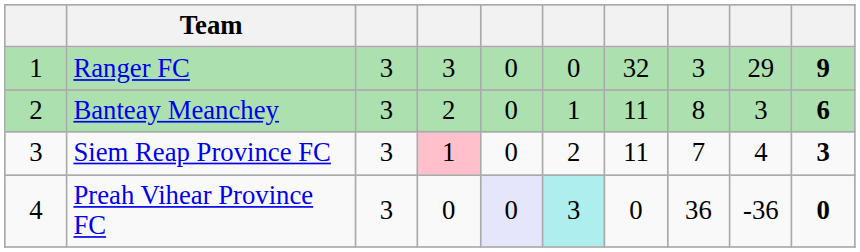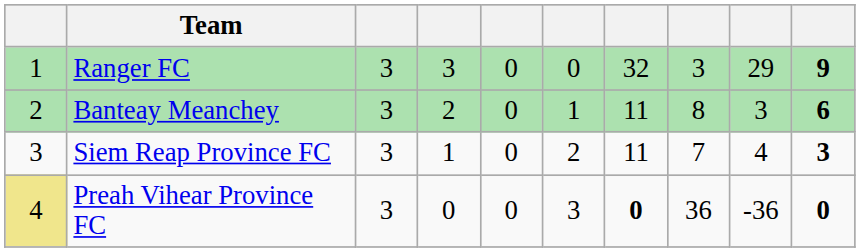 <table class="wikitable" style="text-align: center;">
 <tr>
 <th width=30></th>
 <th width=165>Team</th>
 <th width=30></th>
 <th width=30></th>
 <th width=30></th>
 <th width=30></th>
 <th width=30></th>
 <th width=30></th>
 <th width=30></th>
 <th width=30></th>
 </tr>
 <tr style="background:#ace1af;">
 <td>1</td>
 <td align=left><a href='#'>Ranger FC</a></td>
 <td>3</td>
 <td>3</td>
 <td>0</td>
 <td>0</td>
 <td>32</td>
 <td>3</td>
 <td>29</td>
 <td><strong>9</strong></td>
 </tr>
 <tr style="background:#ace1af;">
 <td>2</td>
 <td align=left><a href='#'>Banteay Meanchey</a></td>
 <td>3</td>
 <td>2</td>
 <td>0</td>
 <td>1</td>
 <td>11</td>
 <td>8</td>
 <td>3</td>
 <td><strong>6</strong></td>
 </tr>
 <tr>
 <td>3</td>
 <td align=left><a href='#'>Siem Reap Province FC</a></td>
 <td>3</td>
-<td style="background: pink;">1</td>
+<td>1</td>
 <td>0</td>
 <td>2</td>
 <td>11</td>
 <td>7</td>
 <td>4</td>
 <td><strong>3</strong></td>
 </tr>
 <tr>
-<td>4</td>
+<td style="background: khaki;">4</td>
 <td align=left><a href='#'>Preah Vihear Province FC</a></td>
 <td>3</td>
 <td>0</td>
-<td style="background: lavender;">0</td>
-<td style="background: paleturquoise;">3</td>
 <td>0</td>
+<td>3</td>
+<td><strong>0</strong></td>
 <td>36</td>
 <td>-36</td>
 <td><strong>0</strong></td>
 </tr>
 </table>
